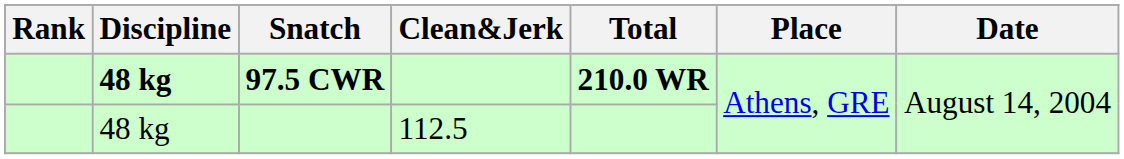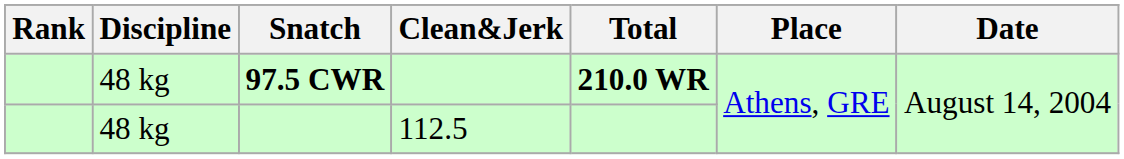 <table class="wikitable">
 <tr>
 <th>Rank</th>
 <th>Discipline</th>
 <th>Snatch</th>
 <th>Clean&Jerk</th>
 <th>Total</th>
 <th>Place</th>
 <th>Date</th>
 </tr>
 <tr bgcolor=#CCFFCC>
 <td></td>
-<td><strong>48 kg</strong></td>
+<td>48 kg</td>
 <td><strong>97.5 CWR</strong></td>
 <td></td>
 <td><strong>210.0 WR</strong></td>
 <td rowspan=2><a href='#'>Athens</a>, <a href='#'>GRE</a></td>
 <td rowspan=2>August 14, 2004</td>
 </tr>
 <tr bgcolor=#CCFFCC>
 <td></td>
 <td>48 kg</td>
 <td></td>
 <td>112.5</td>
 <td></td>
 </tr>
 </table>
